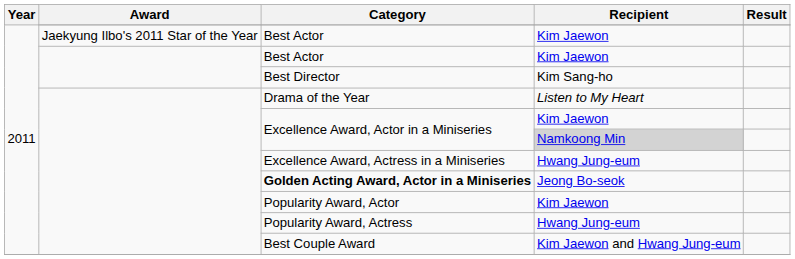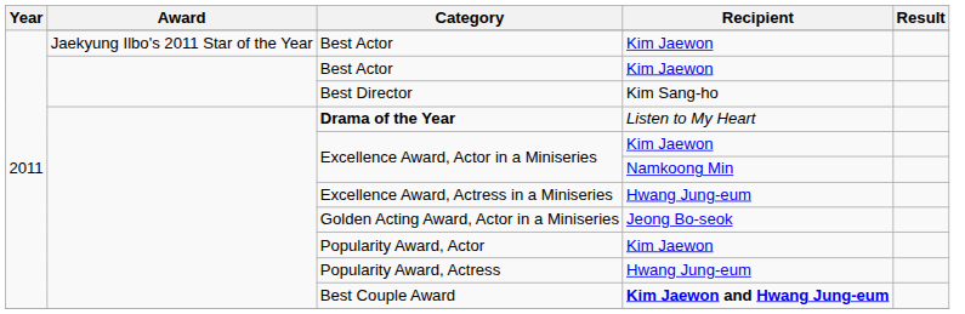 <table class="wikitable">
 <tr>
 <th>Year</th>
 <th>Award</th>
 <th>Category</th>
 <th>Recipient</th>
 <th>Result</th>
 </tr>
 <tr>
 <td rowspan=12>2011</td>
 </tr>
 <tr>
 <td>Jaekyung Ilbo's 2011 Star of the Year</td>
 <td>Best Actor</td>
 <td><a href='#'>Kim Jaewon</a></td>
 <td></td>
 </tr>
 <tr>
 <td rowspan=2></td>
 <td>Best Actor</td>
 <td><a href='#'>Kim Jaewon</a></td>
 <td></td>
 </tr>
 <tr>
 <td>Best Director</td>
 <td>Kim Sang-ho</td>
 <td></td>
 </tr>
 <tr>
 <td rowspan=8></td>
-<td>Drama of the Year</td>
+<td><strong>Drama of the Year</strong></td>
 <td><em>Listen to My Heart</em></td>
 <td></td>
 </tr>
 <tr>
 <td rowspan=2>Excellence Award, Actor in a Miniseries</td>
 <td><a href='#'>Kim Jaewon</a></td>
 <td></td>
 </tr>
 <tr>
-<td style="background: lightgrey;"><a href='#'>Namkoong Min</a></td>
+<td><a href='#'>Namkoong Min</a></td>
 <td></td>
 </tr>
 <tr>
 <td>Excellence Award, Actress in a Miniseries</td>
 <td><a href='#'>Hwang Jung-eum</a></td>
 <td></td>
 </tr>
 <tr>
-<td><strong>Golden Acting Award, Actor in a Miniseries</strong></td>
+<td>Golden Acting Award, Actor in a Miniseries</td>
 <td><a href='#'>Jeong Bo-seok</a></td>
 <td></td>
 </tr>
 <tr>
 <td>Popularity Award, Actor</td>
 <td><a href='#'>Kim Jaewon</a></td>
 <td></td>
 </tr>
 <tr>
 <td>Popularity Award, Actress</td>
 <td><a href='#'>Hwang Jung-eum</a></td>
 <td></td>
 </tr>
 <tr>
 <td>Best Couple Award</td>
-<td><a href='#'>Kim Jaewon</a> and <a href='#'>Hwang Jung-eum</a></td>
+<td><strong><a href='#'>Kim Jaewon</a> and <a href='#'>Hwang Jung-eum</a></strong></td>
 <td></td>
 </tr>
 <tr>
 </tr>
 </table>
